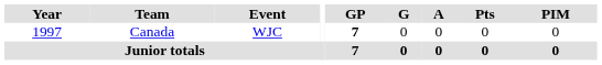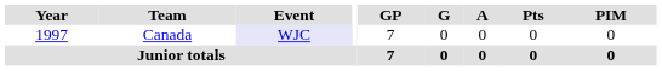 <table border="0" cellpadding="1" cellspacing="0" ID="Table3" style="text-align:center; width:40em">
 <tr bgcolor="#e0e0e0">
 <th>Year</th>
 <th>Team</th>
 <th>Event</th>
 <th rowspan="102" bgcolor="#ffffff"></th>
 <th>GP</th>
 <th>G</th>
 <th>A</th>
 <th>Pts</th>
 <th>PIM</th>
 </tr>
 <tr>
 <td><a href='#'>1997</a></td>
 <td><a href='#'>Canada</a></td>
-<td><a href='#'>WJC</a></td>
-<td><strong>7</strong></td>
+<td style="background: lavender;"><a href='#'>WJC</a></td>
+<td>7</td>
 <td>0</td>
 <td>0</td>
 <td>0</td>
 <td>0</td>
 </tr>
 <tr bgcolor="#e0e0e0">
 <th colspan="4">Junior totals</th>
 <th>7</th>
 <th>0</th>
 <th>0</th>
 <th>0</th>
 <th>0</th>
 </tr>
 </table>
